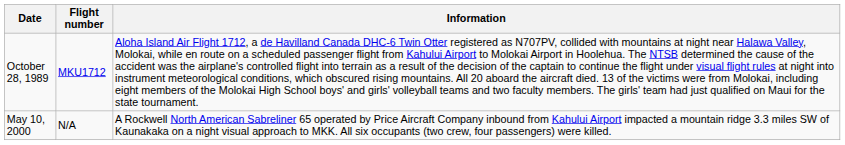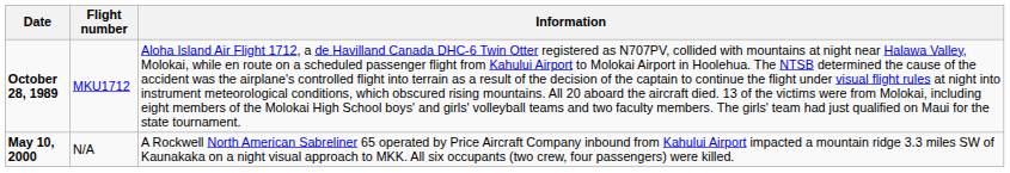 <table class="wikitable">
 <tr>
 <th>Date</th>
 <th>Flight number</th>
 <th>Information</th>
 </tr>
 <tr>
-<td>October 28, 1989</td>
+<td><strong>October 28, 1989</strong></td>
 <td><a href='#'>MKU1712</a></td>
 <td><a href='#'>Aloha Island Air Flight 1712</a>, a <a href='#'>de Havilland Canada DHC-6 Twin Otter</a> registered as N707PV, collided with mountains at night near <a href='#'>Halawa Valley</a>, Molokai, while en route on a scheduled passenger flight from <a href='#'>Kahului Airport</a> to Molokai Airport in Hoolehua. The <a href='#'>NTSB</a> determined the cause of the accident was the airplane's controlled flight into terrain as a result of the decision of the captain to continue the flight under <a href='#'>visual flight rules</a> at night into instrument meteorological conditions, which obscured rising mountains. All 20 aboard the aircraft died. 13 of the victims were from Molokai, including eight members of the Molokai High School boys' and girls' volleyball teams and two faculty members. The girls' team had just qualified on Maui for the state tournament.</td>
 </tr>
 <tr>
-<td>May 10, 2000</td>
+<td><strong>May 10, 2000</strong></td>
 <td>N/A</td>
 <td>A Rockwell <a href='#'>North American Sabreliner</a> 65 operated by Price Aircraft Company inbound from <a href='#'>Kahului Airport</a> impacted a mountain ridge 3.3 miles SW of Kaunakaka on a night visual approach to MKK. All six occupants (two crew, four passengers) were killed.</td>
 </tr>
 </table>
